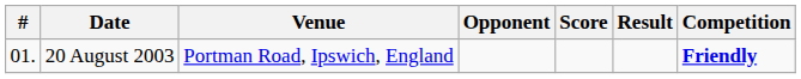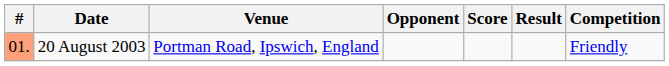 <table class="wikitable" style="font-size: 95%;">
 <tr>
 <th>#</th>
 <th>Date</th>
 <th>Venue</th>
 <th>Opponent</th>
 <th>Score</th>
 <th>Result</th>
 <th>Competition</th>
 </tr>
 <tr>
-<td>01.</td>
+<td style="background: lightsalmon;">01.</td>
 <td>20 August 2003</td>
 <td><a href='#'>Portman Road</a>, <a href='#'>Ipswich</a>, <a href='#'>England</a></td>
 <td></td>
 <td></td>
 <td></td>
-<td><strong><a href='#'>Friendly</a></strong></td>
+<td><a href='#'>Friendly</a></td>
 </tr>
 <tr>
 </tr>
 </table>
